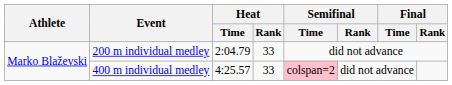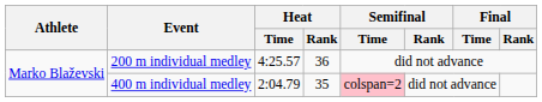 <table class=wikitable style="font-size:90%">
 <tr>
 <th rowspan="2">Athlete</th>
 <th rowspan="2">Event</th>
 <th colspan="2">Heat</th>
 <th colspan="2">Semifinal</th>
 <th colspan="2">Final</th>
 </tr>
 <tr style="font-size:95%">
 <th>Time</th>
 <th>Rank</th>
 <th>Time</th>
 <th>Rank</th>
 <th>Time</th>
 <th>Rank</th>
 </tr>
 <tr align=center>
 <td align=left rowspan=2><a href='#'>Marko Blaževski</a></td>
 <td align=left><a href='#'>200 m individual medley</a></td>
-<td>2:04.79</td>
-<td>33</td>
+<td>4:25.57</td>
+<td>36</td>
 <td colspan=4>did not advance</td>
 </tr>
 <tr align=center>
 <td align=left><a href='#'>400 m individual medley</a></td>
-<td>4:25.57</td>
-<td>33</td>
+<td>2:04.79</td>
+<td>35</td>
 <td style="background: pink;">colspan=2 </td>
 <td colspan=2>did not advance</td>
 </tr>
 </table>
